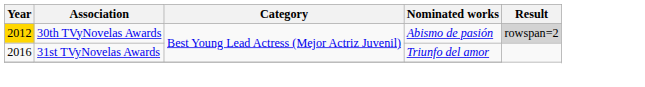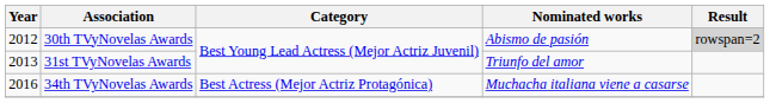 <table class="wikitable sortable">
 <tr>
 <th>Year</th>
 <th>Association</th>
 <th>Category</th>
 <th>Nominated works</th>
 <th>Result</th>
 </tr>
 <tr>
-<td style="background: gold;">2012</td>
+<td>2012</td>
 <td><a href='#'>30th TVyNovelas Awards</a></td>
 <td rowspan=2><a href='#'>Best Young Lead Actress (Mejor Actriz Juvenil)</a></td>
 <td><em><a href='#'>Abismo de pasión</a></em></td>
 <td style="background: lightgrey;">rowspan=2 </td>
 </tr>
 <tr>
-<td>2016</td>
+<td>2013</td>
 <td><a href='#'>31st TVyNovelas Awards</a></td>
 <td><em><a href='#'>Triunfo del amor</a></em></td>
 </tr>
 <tr>
+<td>2016</td>
+<td><a href='#'>34th TVyNovelas Awards</a></td>
+<td><a href='#'>Best Actress (Mejor Actriz Protagónica)</a></td>
+<td><em><a href='#'>Muchacha italiana viene a casarse</a></em></td>
+<td></td>
+</tr>
+<tr>
 </tr>
 </table>
